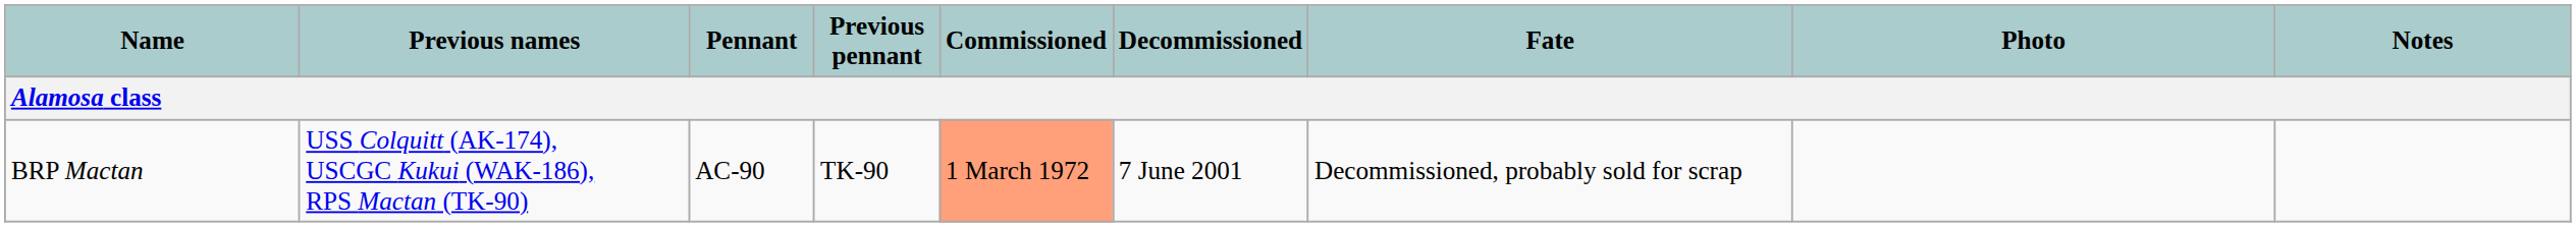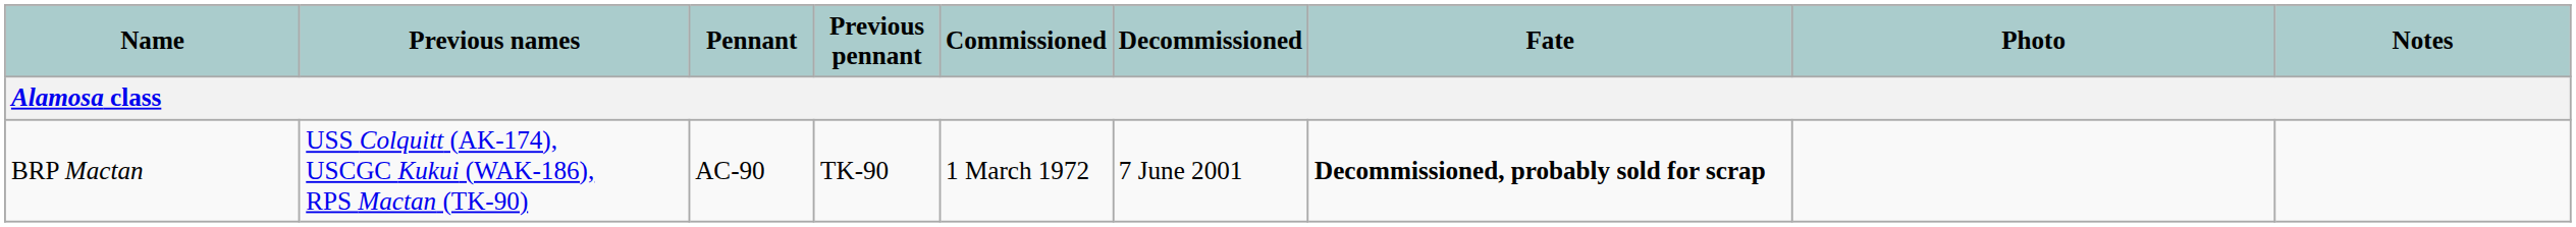 <table class="wikitable" style="font-size:85%;">
 <tr>
 <th style="text-align: center; background: #aacccc;" width="150">Name</th>
 <th style="text-align: center; background: #aacccc;" width="200">Previous names</th>
 <th style="text-align: center; background: #aacccc;" width="60">Pennant</th>
 <th style="text-align: center; background: #aacccc;" width="60">Previous pennant</th>
 <th style="text-align: center; background: #aacccc;" width="50">Commissioned</th>
 <th style="text-align: center; background: #aacccc;" width="50">Decommissioned</th>
 <th style="text-align: center; background: #aacccc;" width="250">Fate</th>
 <th style="text-align: center; background: #aacccc;" width="250">Photo</th>
 <th style="text-align: center; background: #aacccc;" width="150">Notes</th>
 </tr>
 <tr>
 <th style="text-align: left;" colspan="9"><a href='#'><em>Alamosa</em> class</a></th>
 </tr>
 <tr>
 <td>BRP <em>Mactan</em></td>
 <td><a href='#'>USS <em>Colquitt</em> (AK-174),<br>USCGC <em>Kukui</em> (WAK-186),<br>RPS <em>Mactan</em> (TK-90)</a></td>
 <td>AC-90</td>
 <td>TK-90</td>
-<td style="background: lightsalmon;">1 March 1972</td>
+<td>1 March 1972</td>
 <td>7 June 2001</td>
-<td>Decommissioned, probably sold for scrap</td>
+<td><strong>Decommissioned, probably sold for scrap</strong></td>
 <td></td>
 <td></td>
 </tr>
 </table>
